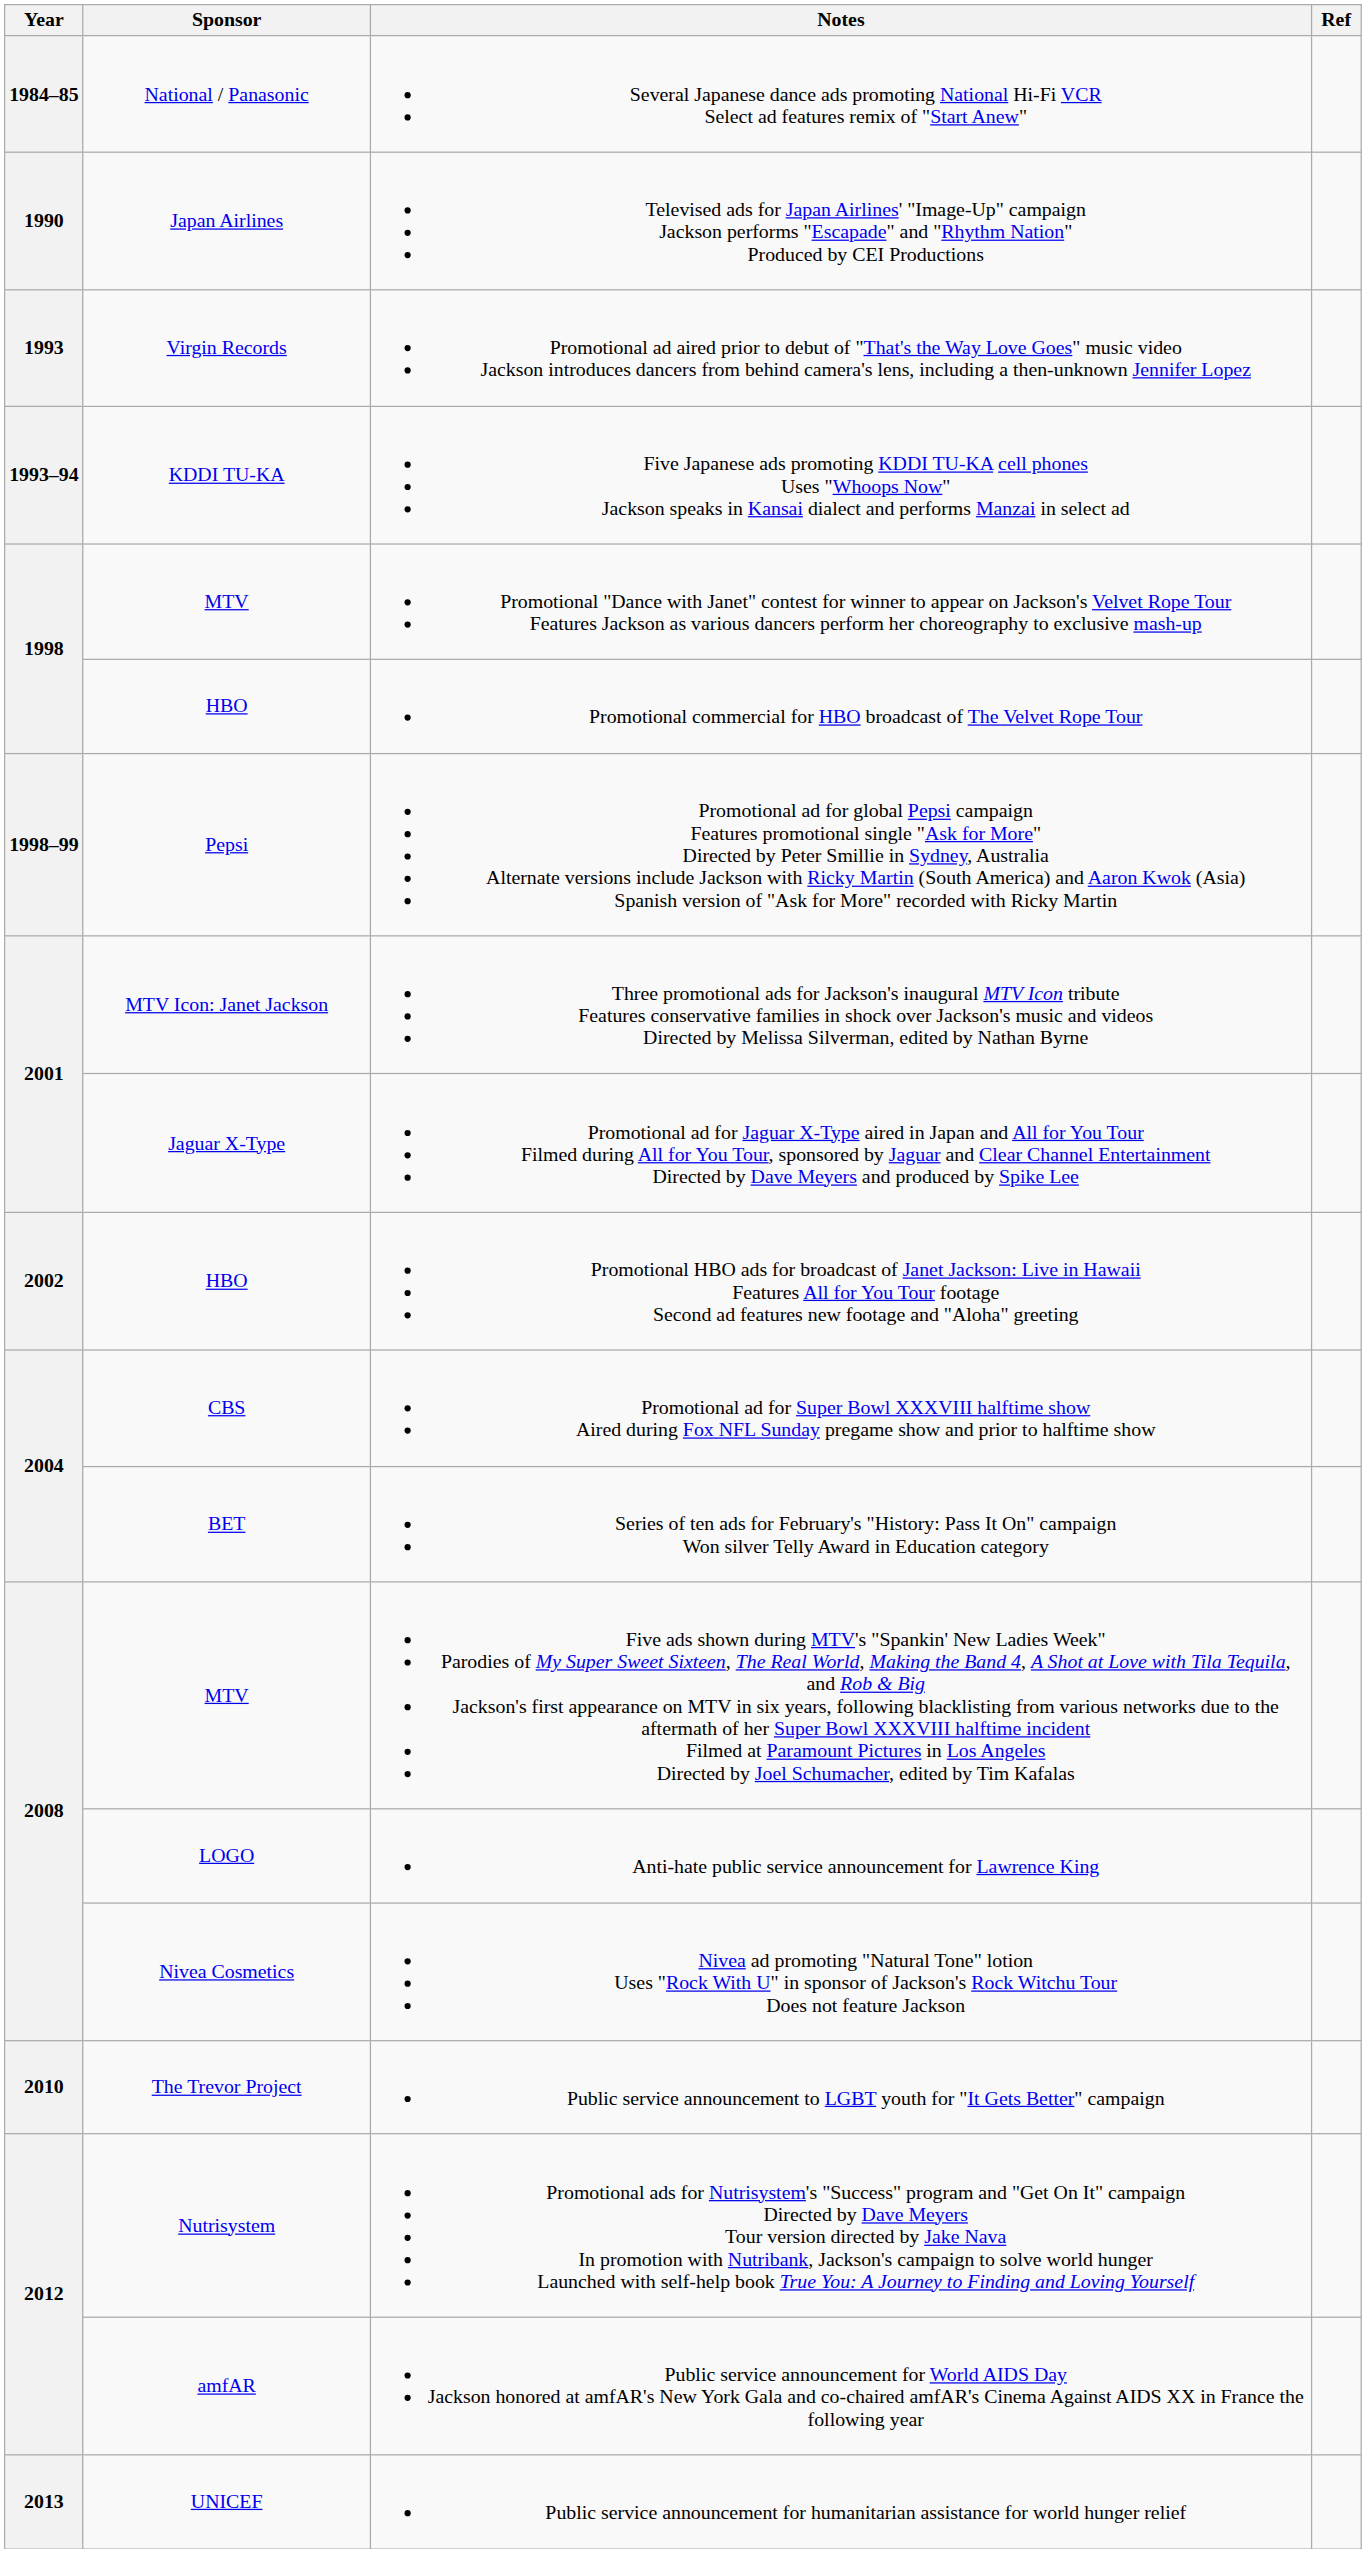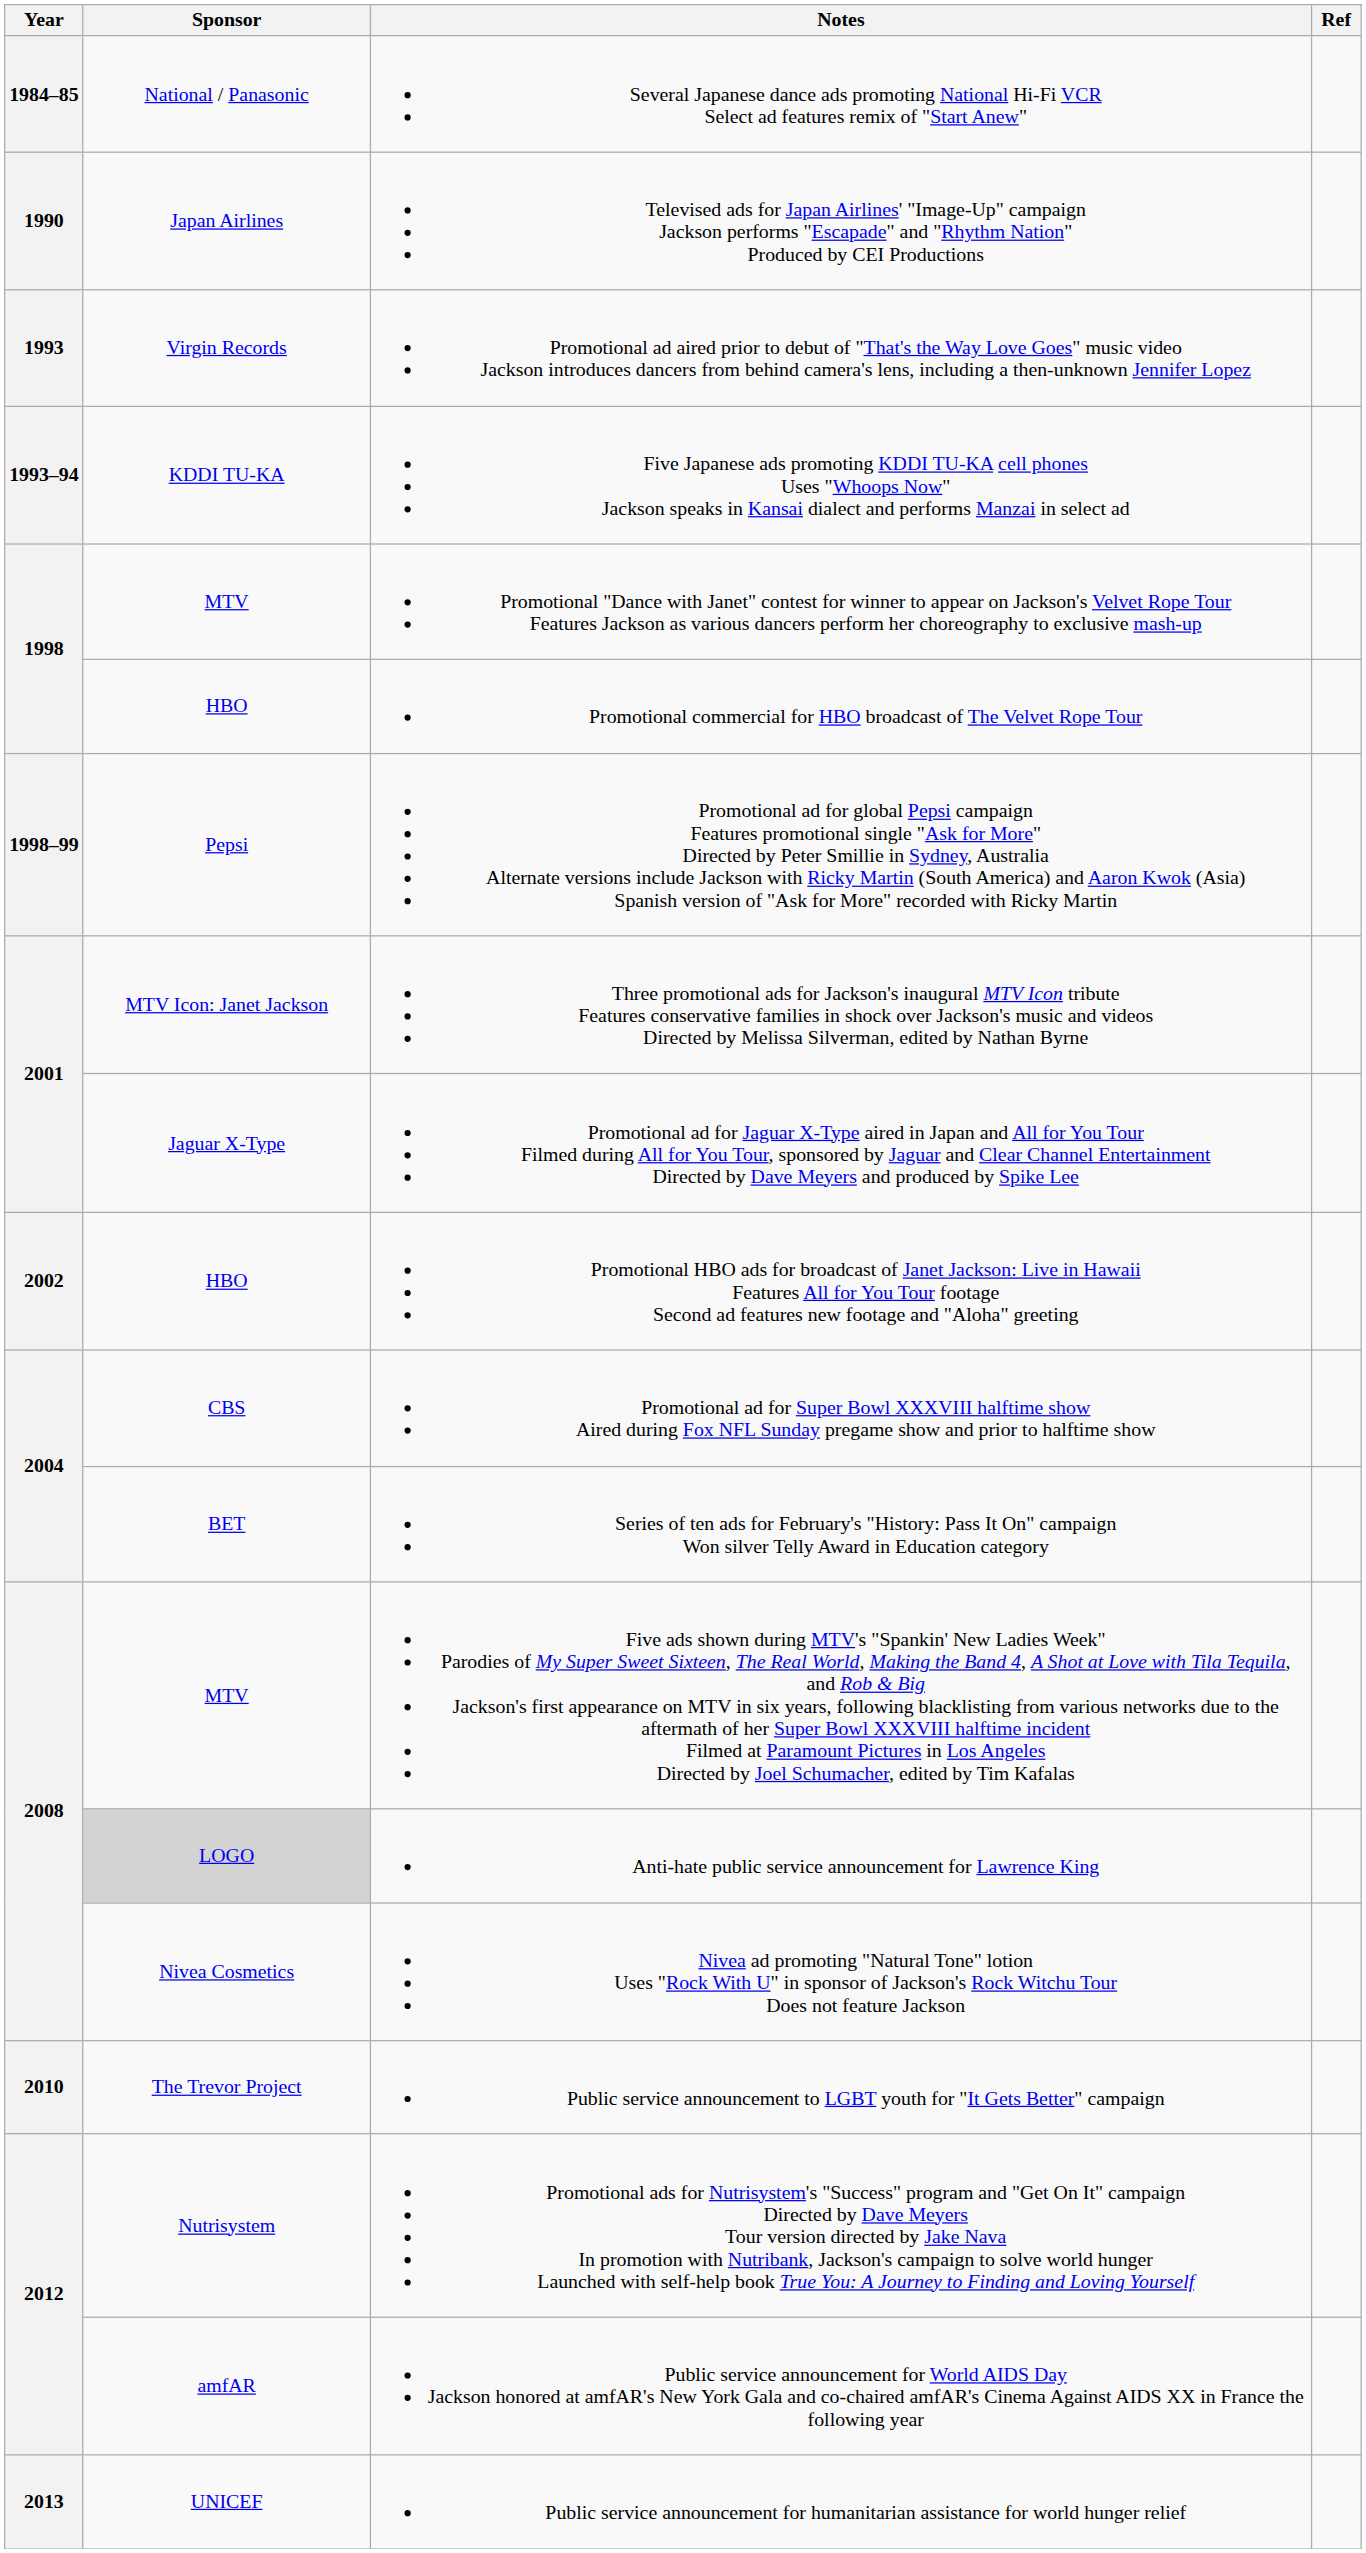 <table class="wikitable sortable plainrowheaders" style="text-align: center;">
 <tr>
 <th scope="col">Year</th>
 <th scope="col" style="width: 14em;">Sponsor</th>
 <th scope="col" style="width: 47em;">Notes</th>
 <th scope="col" style="width: 2em;" class="unsortable">Ref</th>
 </tr>
 <tr>
 <th scope="row">1984–85</th>
 <td><a href='#'>National</a> / <a href='#'>Panasonic</a></td>
 <td><br><ul><li>Several Japanese dance ads promoting <a href='#'>National</a> Hi-Fi <a href='#'>VCR</a></li><li>Select ad features remix of "<a href='#'>Start Anew</a>"</li></ul></td>
 <td></td>
 </tr>
 <tr>
 <th scope="row">1990</th>
 <td><a href='#'>Japan Airlines</a></td>
 <td><br><ul><li>Televised ads for <a href='#'>Japan Airlines</a>' "Image-Up" campaign</li><li>Jackson performs "<a href='#'>Escapade</a>" and "<a href='#'>Rhythm Nation</a>"</li><li>Produced by CEI Productions</li></ul></td>
 <td></td>
 </tr>
 <tr>
 <th scope="row">1993</th>
 <td><a href='#'>Virgin Records</a></td>
 <td><br><ul><li>Promotional ad aired prior to debut of "<a href='#'>That's the Way Love Goes</a>" music video</li><li>Jackson introduces dancers from behind camera's lens, including a then-unknown <a href='#'>Jennifer Lopez</a></li></ul></td>
 <td></td>
 </tr>
 <tr>
 <th scope="row">1993–94</th>
 <td><a href='#'>KDDI TU-KA</a></td>
 <td><br><ul><li>Five Japanese ads promoting <a href='#'>KDDI TU-KA</a> <a href='#'>cell phones</a></li><li>Uses "<a href='#'>Whoops Now</a>"</li><li>Jackson speaks in <a href='#'>Kansai</a> dialect and performs <a href='#'>Manzai</a> in select ad</li></ul></td>
 <td></td>
 </tr>
 <tr>
 <th rowspan="2" scope="row">1998</th>
 <td><a href='#'>MTV</a></td>
 <td><br><ul><li>Promotional "Dance with Janet" contest for winner to appear on Jackson's <a href='#'>Velvet Rope Tour</a></li><li>Features Jackson as various dancers perform her choreography to exclusive <a href='#'>mash-up</a></li></ul></td>
 <td></td>
 </tr>
 <tr>
 <td><a href='#'>HBO</a></td>
 <td><br><ul><li>Promotional commercial for <a href='#'>HBO</a> broadcast of <a href='#'>The Velvet Rope Tour</a></li></ul></td>
 <td></td>
 </tr>
 <tr>
 <th scope="row">1998–99</th>
 <td><a href='#'>Pepsi</a></td>
 <td><br><ul><li>Promotional ad for global <a href='#'>Pepsi</a> campaign</li><li>Features promotional single "<a href='#'>Ask for More</a>"</li><li>Directed by Peter Smillie in <a href='#'>Sydney</a>, Australia</li><li>Alternate versions include Jackson with <a href='#'>Ricky Martin</a> (South America) and <a href='#'>Aaron Kwok</a> (Asia)</li><li>Spanish version of "Ask for More" recorded with Ricky Martin</li></ul></td>
 <td></td>
 </tr>
 <tr>
 <th rowspan="2" scope="row">2001</th>
 <td><a href='#'>MTV Icon: Janet Jackson</a></td>
 <td><br><ul><li>Three promotional ads for Jackson's inaugural <em><a href='#'>MTV Icon</a></em> tribute</li><li>Features conservative families in shock over Jackson's music and videos</li><li>Directed by Melissa Silverman, edited by Nathan Byrne</li></ul></td>
 <td></td>
 </tr>
 <tr>
 <td><a href='#'>Jaguar X-Type</a></td>
 <td><br><ul><li>Promotional ad for <a href='#'>Jaguar X-Type</a> aired in Japan and <a href='#'>All for You Tour</a></li><li>Filmed during <a href='#'>All for You Tour</a>, sponsored by <a href='#'>Jaguar</a> and <a href='#'>Clear Channel Entertainment</a></li><li>Directed by <a href='#'>Dave Meyers</a> and produced by <a href='#'>Spike Lee</a></li></ul></td>
 <td></td>
 </tr>
 <tr>
 <th scope="row">2002</th>
 <td><a href='#'>HBO</a></td>
 <td><br><ul><li>Promotional HBO ads for broadcast of <a href='#'>Janet Jackson: Live in Hawaii</a></li><li>Features <a href='#'>All for You Tour</a> footage</li><li>Second ad features new footage and "Aloha" greeting</li></ul></td>
 <td></td>
 </tr>
 <tr>
 <th rowspan="2" scope="row">2004</th>
 <td><a href='#'>CBS</a></td>
 <td><br><ul><li>Promotional ad for <a href='#'>Super Bowl XXXVIII halftime show</a></li><li>Aired during <a href='#'>Fox NFL Sunday</a> pregame show and prior to halftime show</li></ul></td>
 <td></td>
 </tr>
 <tr>
 <td><a href='#'>BET</a></td>
 <td><br><ul><li>Series of ten ads for February's "History: Pass It On" campaign</li><li>Won silver Telly Award in Education category</li></ul></td>
 <td><br></td>
 </tr>
 <tr>
 <th rowspan="3" scope="row">2008</th>
 <td><a href='#'>MTV</a></td>
 <td><br><ul><li>Five ads shown during <a href='#'>MTV</a>'s "Spankin' New Ladies Week"</li><li>Parodies of <em><a href='#'>My Super Sweet Sixteen</a></em>, <em><a href='#'>The Real World</a></em>, <em><a href='#'>Making the Band 4</a></em>, <em><a href='#'>A Shot at Love with Tila Tequila</a></em>, and <em><a href='#'>Rob & Big</a></em></li><li>Jackson's first appearance on MTV in six years, following blacklisting from various networks due to the aftermath of her <a href='#'>Super Bowl XXXVIII halftime incident</a></li><li>Filmed at <a href='#'>Paramount Pictures</a> in <a href='#'>Los Angeles</a></li><li>Directed by <a href='#'>Joel Schumacher</a>, edited by Tim Kafalas</li></ul></td>
 <td></td>
 </tr>
 <tr>
-<td><a href='#'>LOGO</a></td>
+<td style="background: lightgrey;"><a href='#'>LOGO</a></td>
 <td><br><ul><li>Anti-hate public service announcement for <a href='#'>Lawrence King</a></li></ul></td>
 <td></td>
 </tr>
 <tr>
 <td><a href='#'>Nivea Cosmetics</a></td>
 <td><br><ul><li><a href='#'>Nivea</a> ad promoting "Natural Tone" lotion</li><li>Uses "<a href='#'>Rock With U</a>" in sponsor of Jackson's <a href='#'>Rock Witchu Tour</a></li><li>Does not feature Jackson</li></ul></td>
 <td></td>
 </tr>
 <tr>
 <th scope="row">2010</th>
 <td><a href='#'>The Trevor Project</a></td>
 <td><br><ul><li>Public service announcement to <a href='#'>LGBT</a> youth for "<a href='#'>It Gets Better</a>" campaign</li></ul></td>
 <td></td>
 </tr>
 <tr>
 <th rowspan="2" scope="row">2012</th>
 <td><a href='#'>Nutrisystem</a></td>
 <td><br><ul><li>Promotional ads for <a href='#'>Nutrisystem</a>'s "Success" program and "Get On It" campaign</li><li>Directed by <a href='#'>Dave Meyers</a></li><li>Tour version directed by <a href='#'>Jake Nava</a></li><li>In promotion with <a href='#'>Nutribank</a>, Jackson's campaign to solve world hunger</li><li>Launched with self-help book <em><a href='#'>True You: A Journey to Finding and Loving Yourself</a></em></li></ul></td>
 <td><br></td>
 </tr>
 <tr>
 <td><a href='#'>amfAR</a></td>
 <td><br><ul><li>Public service announcement for <a href='#'>World AIDS Day</a></li><li>Jackson honored at amfAR's New York Gala and co-chaired amfAR's Cinema Against AIDS XX in France the following year</li></ul></td>
 <td><br></td>
 </tr>
 <tr>
 <th scope="row">2013</th>
 <td><a href='#'>UNICEF</a></td>
 <td><br><ul><li>Public service announcement for humanitarian assistance for world hunger relief</li></ul></td>
 <td></td>
 </tr>
 </table>
